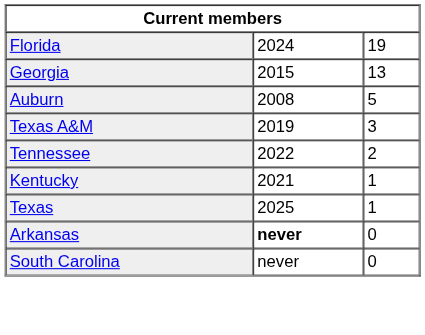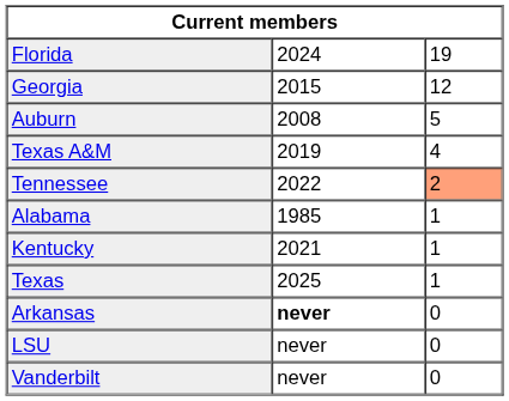 <table border="1" cellpadding="3" cellspacing="0" align="right" width="400px">
 <tr>
 </tr>
 <tr>
 <td colspan=3 align="center"><strong>Current members</strong></td>
 </tr>
 <tr>
 <td bgcolor="#efefef"><a href='#'>Florida</a></td>
 <td>2024</td>
 <td>19</td>
 </tr>
 <tr>
 <td bgcolor="#efefef"><a href='#'>Georgia</a></td>
 <td>2015</td>
-<td>13</td>
+<td>12</td>
 </tr>
 <tr>
 <td bgcolor="#efefef"><a href='#'>Auburn</a></td>
 <td>2008</td>
 <td>5</td>
 </tr>
 <tr>
 <td bgcolor="#efefef"><a href='#'>Texas A&M</a></td>
 <td>2019</td>
-<td>3</td>
+<td>4</td>
 </tr>
 <tr>
 <td bgcolor="#efefef"><a href='#'>Tennessee</a></td>
 <td>2022</td>
-<td>2</td>
+<td style="background: lightsalmon;">2</td>
+</tr>
+<tr>
+<td bgcolor="#efefef"><a href='#'>Alabama</a></td>
+<td>1985</td>
+<td>1</td>
 </tr>
 <tr>
 <td bgcolor="#efefef"><a href='#'>Kentucky</a></td>
 <td>2021</td>
 <td>1</td>
 </tr>
 <tr>
 <td bgcolor=#efefef><a href='#'>Texas</a></td>
 <td>2025</td>
 <td>1</td>
 </tr>
 <tr>
 <td bgcolor="#efefef"><a href='#'>Arkansas</a></td>
 <td><strong>never</strong></td>
 <td>0</td>
 </tr>
 <tr>
-<td bgcolor="#efefef"><a href='#'>South Carolina</a></td>
+<td bgcolor="#efefef"><a href='#'>LSU</a></td>
+<td>never</td>
+<td>0</td>
+</tr>
+<tr>
+<td bgcolor="#efefef"><a href='#'>Vanderbilt</a></td>
 <td>never</td>
 <td>0</td>
 </tr>
 </table>
